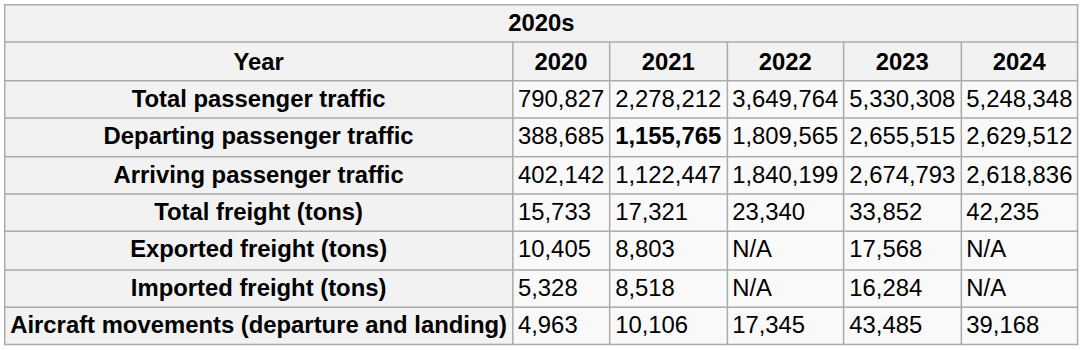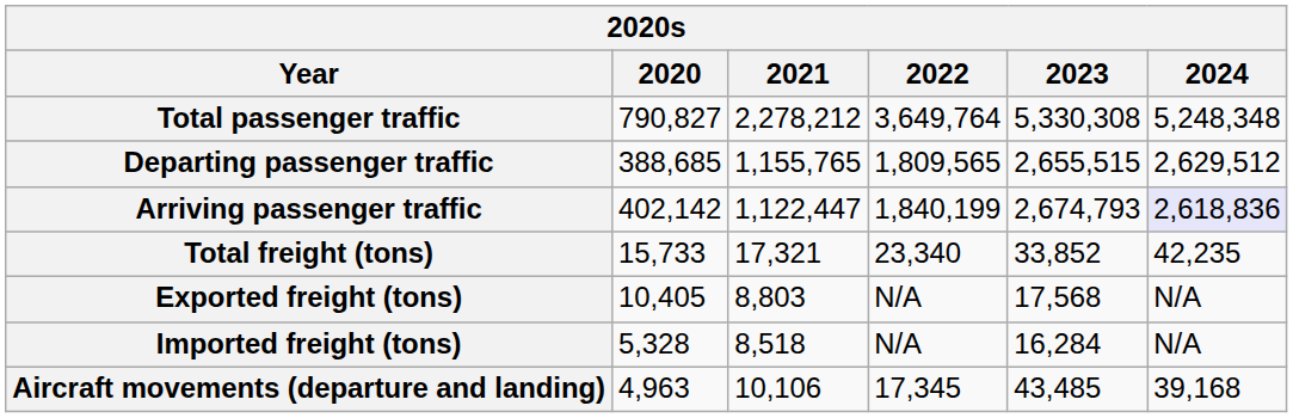 <table class="wikitable mw-collapsible">
 <tr>
 <th colspan="6">2020s</th>
 </tr>
 <tr>
 <th>Year</th>
 <th>2020</th>
 <th>2021</th>
 <th>2022</th>
 <th>2023</th>
 <th>2024</th>
 </tr>
 <tr>
 <th>Total passenger traffic</th>
 <td>790,827</td>
 <td>2,278,212</td>
 <td>3,649,764</td>
 <td>5,330,308</td>
 <td>5,248,348</td>
 </tr>
 <tr>
 <th>Departing passenger traffic</th>
 <td>388,685</td>
-<td><strong>1,155,765</strong></td>
+<td>1,155,765</td>
 <td>1,809,565</td>
 <td>2,655,515</td>
 <td>2,629,512</td>
 </tr>
 <tr>
 <th>Arriving passenger traffic</th>
 <td>402,142</td>
 <td>1,122,447</td>
 <td>1,840,199</td>
 <td>2,674,793</td>
-<td>2,618,836</td>
+<td style="background: lavender;">2,618,836</td>
 </tr>
 <tr>
 <th>Total freight (tons)</th>
 <td>15,733</td>
 <td>17,321</td>
 <td>23,340</td>
 <td>33,852</td>
 <td>42,235</td>
 </tr>
 <tr>
 <th>Exported freight (tons)</th>
 <td>10,405</td>
 <td>8,803</td>
 <td>N/A</td>
 <td>17,568</td>
 <td>N/A</td>
 </tr>
 <tr>
 <th>Imported freight (tons)</th>
 <td>5,328</td>
 <td>8,518</td>
 <td>N/A</td>
 <td>16,284</td>
 <td>N/A</td>
 </tr>
 <tr>
 <th>Aircraft movements (departure and landing)</th>
 <td>4,963</td>
 <td>10,106</td>
 <td>17,345</td>
 <td>43,485</td>
 <td>39,168</td>
 </tr>
 </table>
